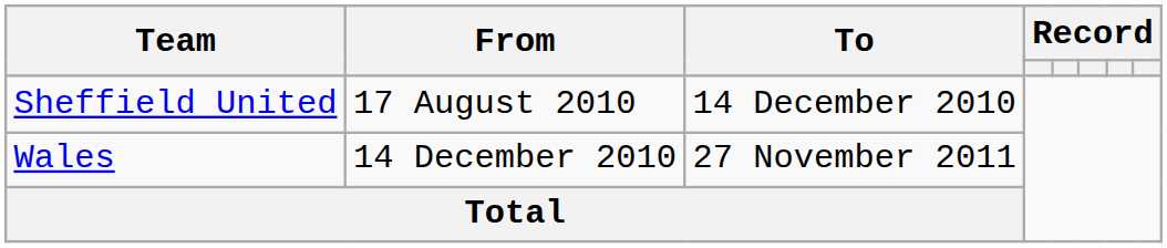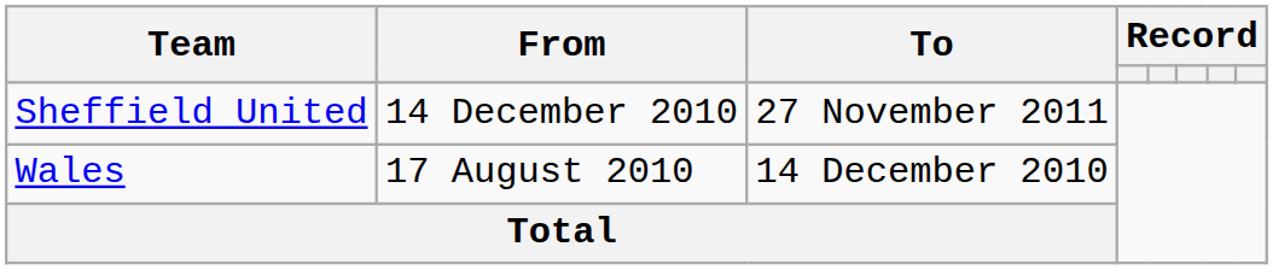 <table class=wikitable style=text-align:center>
 <tr>
 <th rowspan=2>Team</th>
 <th rowspan=2>From</th>
 <th rowspan=2>To</th>
 <th colspan=5>Record</th>
 </tr>
 <tr>
 <th></th>
 <th></th>
 <th></th>
 <th></th>
 <th></th>
 </tr>
 <tr>
 <td align=left><a href='#'>Sheffield United</a></td>
-<td align=left>17 August 2010</td>
-<td align=left>14 December 2010<br></td>
+<td align=left>14 December 2010</td>
+<td align=left>27 November 2011<br></td>
 </tr>
 <tr>
 <td align=left><a href='#'>Wales</a></td>
-<td align=left>14 December 2010</td>
-<td align=left>27 November 2011<br></td>
+<td align=left>17 August 2010</td>
+<td align=left>14 December 2010<br></td>
 </tr>
 <tr>
 <th colspan=3>Total<br></th>
 </tr>
 </table>
